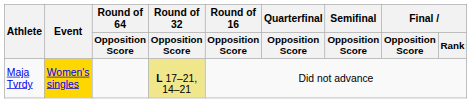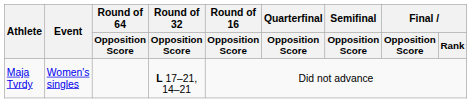 <table class=wikitable style="font-size:90%">
 <tr>
 <th rowspan="2">Athlete</th>
 <th rowspan="2">Event</th>
 <th>Round of 64</th>
 <th>Round of 32</th>
 <th>Round of 16</th>
 <th>Quarterfinal</th>
 <th>Semifinal</th>
 <th colspan=2>Final / </th>
 </tr>
 <tr style="font-size:95%">
 <th>Opposition<br>Score</th>
 <th>Opposition<br>Score</th>
 <th>Opposition<br>Score</th>
 <th>Opposition<br>Score</th>
 <th>Opposition<br>Score</th>
 <th>Opposition<br>Score</th>
 <th>Rank</th>
 </tr>
 <tr align=center>
 <td align=left><a href='#'>Maja Tvrdy</a></td>
-<td align=left style="background: gold;"><a href='#'>Women's singles</a></td>
+<td align=left><a href='#'>Women's singles</a></td>
 <td></td>
-<td style="background: khaki;"><br><strong>L</strong> 17–21, 14–21</td>
+<td><br><strong>L</strong> 17–21, 14–21</td>
 <td colspan=5>Did not advance</td>
 </tr>
 </table>
